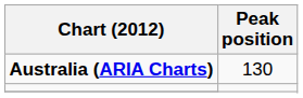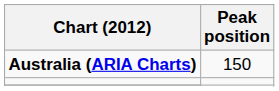 <table class="wikitable sortable plainrowheaders">
 <tr>
 <th scope="col">Chart (2012)</th>
 <th scope="col">Peak<br>position</th>
 </tr>
 <tr>
 <td><strong>Australia (<a href='#'>ARIA Charts</a>)</strong></td>
-<td style="text-align:center;">130</td>
+<td style="text-align:center;">150</td>
 </tr>
 <tr>
 <td></td>
 </tr>
 <tr>
 </tr>
 </table>
